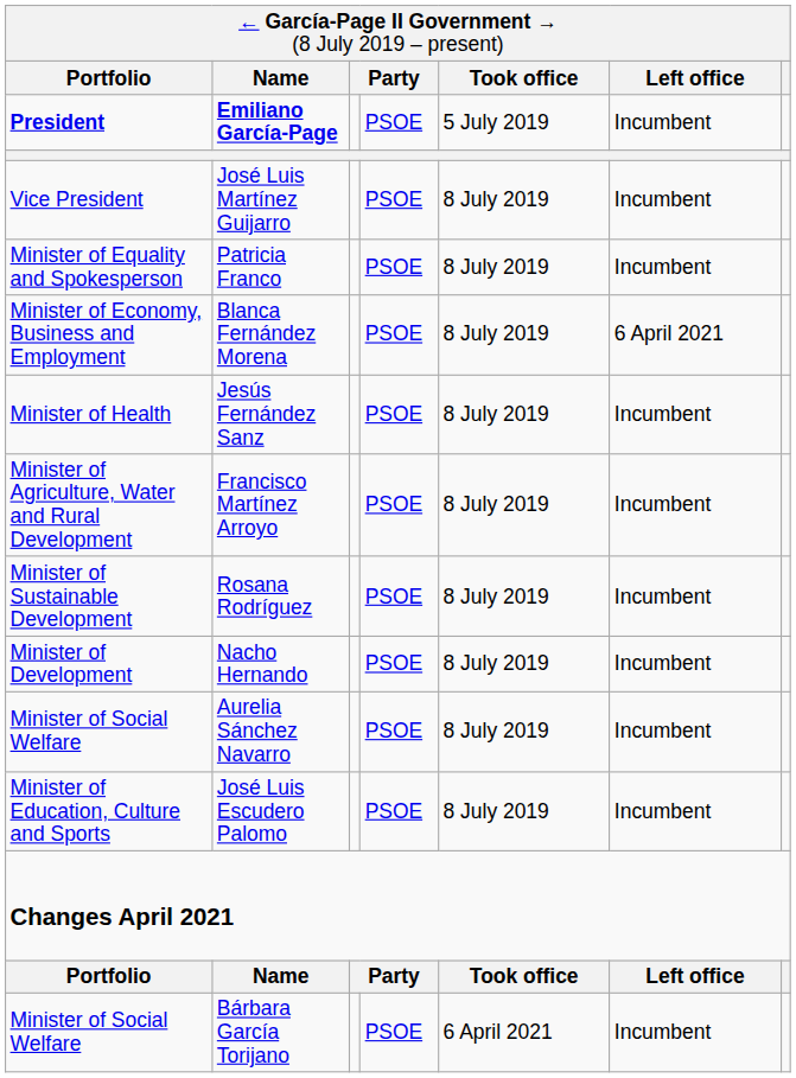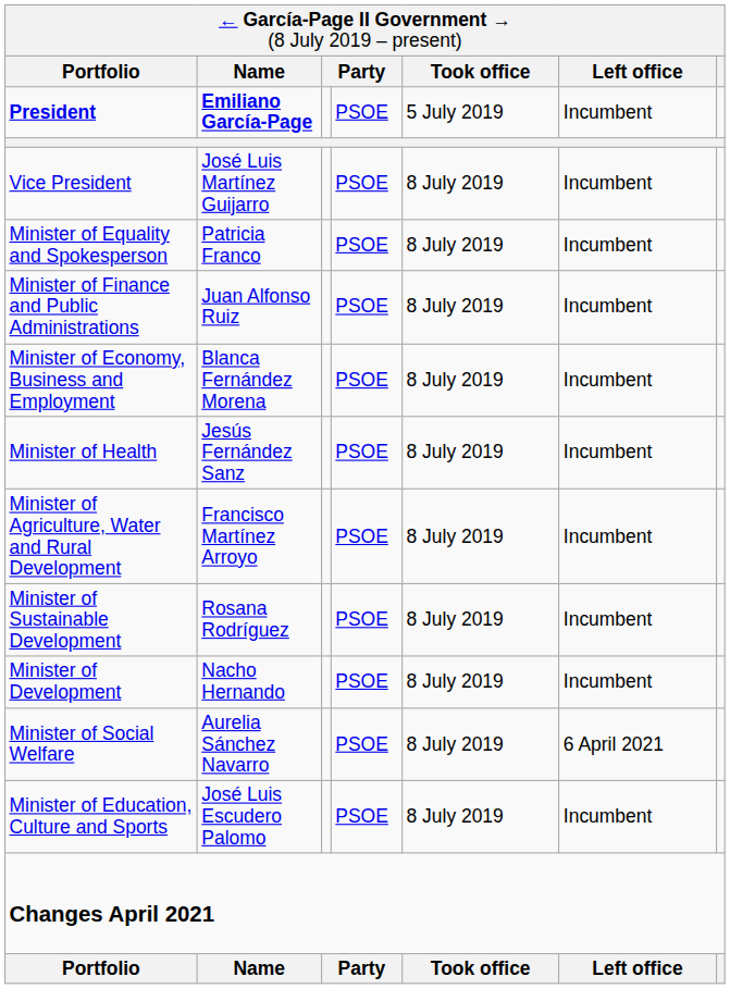 <table class="wikitable">
 <tr>
 <td colspan="7" bgcolor="#F2F2F2" align="center"><a href='#'>←</a> <strong>García-Page II Government</strong> →<br>(8 July 2019 – present)</td>
 </tr>
 <tr>
 <th>Portfolio</th>
 <th>Name</th>
 <th width="100px" colspan="2">Party</th>
 <th width="125px">Took office</th>
 <th width="125px">Left office</th>
 <th></th>
 </tr>
 <tr>
 <td><strong><a href='#'>President</a></strong></td>
 <td><strong><a href='#'>Emiliano García-Page</a></strong></td>
 <td width="1" style="background-color:"></td>
 <td><a href='#'>PSOE</a></td>
 <td>5 July 2019</td>
 <td>Incumbent</td>
 <td align="center"></td>
 </tr>
 <tr>
 <th colspan="7"></th>
 </tr>
 <tr>
 <td><a href='#'>Vice President</a></td>
 <td><a href='#'>José Luis Martínez Guijarro</a></td>
 <td style="background-color:"></td>
 <td><a href='#'>PSOE</a></td>
 <td>8 July 2019</td>
 <td>Incumbent</td>
 <td align="center"></td>
 </tr>
 <tr>
 <td><a href='#'>Minister of Equality and Spokesperson</a></td>
 <td><a href='#'>Patricia Franco</a></td>
 <td style="background-color:"></td>
 <td><a href='#'>PSOE</a> </td>
 <td>8 July 2019</td>
 <td>Incumbent</td>
 <td align="center"></td>
 </tr>
 <tr>
+<td><a href='#'>Minister of Finance and Public Administrations</a></td>
+<td><a href='#'>Juan Alfonso Ruiz</a></td>
+<td style="background-color:"></td>
+<td><a href='#'>PSOE</a></td>
+<td>8 July 2019</td>
+<td>Incumbent</td>
+<td align="center"></td>
+</tr>
+<tr>
 <td><a href='#'>Minister of Economy, Business and Employment</a></td>
 <td><a href='#'>Blanca Fernández Morena</a></td>
 <td style="background-color:"></td>
 <td><a href='#'>PSOE</a></td>
 <td>8 July 2019</td>
-<td>6 April 2021</td>
+<td>Incumbent</td>
 <td align="center"></td>
 </tr>
 <tr>
 <td><a href='#'>Minister of Health</a></td>
 <td><a href='#'>Jesús Fernández Sanz</a></td>
 <td style="background-color:"></td>
 <td><a href='#'>PSOE</a> </td>
 <td>8 July 2019</td>
 <td>Incumbent</td>
 <td align="center"></td>
 </tr>
 <tr>
 <td><a href='#'>Minister of Agriculture, Water and Rural Development</a></td>
 <td><a href='#'>Francisco Martínez Arroyo</a></td>
 <td style="background-color:"></td>
 <td><a href='#'>PSOE</a> </td>
 <td>8 July 2019</td>
 <td>Incumbent</td>
 <td align="center"></td>
 </tr>
 <tr>
 <td><a href='#'>Minister of Sustainable Development</a></td>
 <td><a href='#'>Rosana Rodríguez</a></td>
 <td style="background-color:"></td>
 <td><a href='#'>PSOE</a></td>
 <td>8 July 2019</td>
 <td>Incumbent</td>
 <td align="center"></td>
 </tr>
 <tr>
 <td><a href='#'>Minister of Development</a></td>
 <td><a href='#'>Nacho Hernando</a></td>
 <td style="background-color:"></td>
 <td><a href='#'>PSOE</a></td>
 <td>8 July 2019</td>
 <td>Incumbent</td>
 <td align="center"></td>
 </tr>
 <tr>
 <td><a href='#'>Minister of Social Welfare</a></td>
 <td><a href='#'>Aurelia Sánchez Navarro</a></td>
 <td style="background-color:"></td>
 <td><a href='#'>PSOE</a> </td>
 <td>8 July 2019</td>
-<td>Incumbent</td>
+<td>6 April 2021</td>
 <td align="center"></td>
 </tr>
 <tr>
 <td><a href='#'>Minister of Education, Culture and Sports</a></td>
 <td><a href='#'>José Luis Escudero Palomo</a></td>
 <td style="background-color:"></td>
 <td><a href='#'>PSOE</a></td>
 <td>8 July 2019</td>
 <td>Incumbent</td>
 <td align="center"></td>
 </tr>
 <tr>
 <td colspan="7"><br><h3>Changes April 2021</h3></td>
 </tr>
 <tr>
 <th>Portfolio</th>
 <th>Name</th>
 <th colspan="2">Party</th>
 <th>Took office</th>
 <th>Left office</th>
 <th></th>
 </tr>
-<tr>
-<td><a href='#'>Minister of Social Welfare</a></td>
-<td><a href='#'>Bárbara García Torijano</a></td>
-<td style="background-color:"></td>
-<td><a href='#'>PSOE</a></td>
-<td>6 April 2021</td>
-<td>Incumbent</td>
-<td align="center"></td>
-</tr>
 </table>
